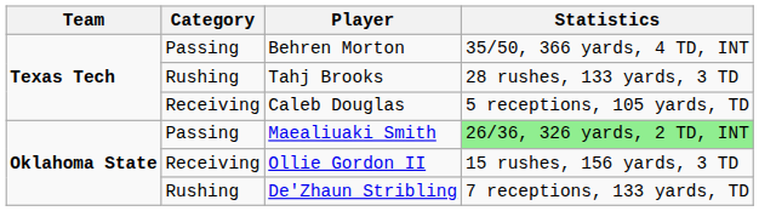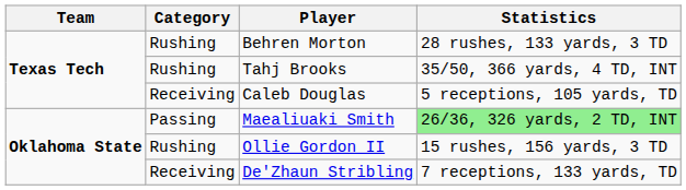 <table class="wikitable" style="float: right;">
 <tr>
 <th>Team</th>
 <th>Category</th>
 <th>Player</th>
 <th>Statistics</th>
 </tr>
 <tr>
 <td rowspan=3><strong>Texas Tech</strong></td>
-<td>Passing</td>
+<td>Rushing</td>
 <td>Behren Morton</td>
-<td>35/50, 366 yards, 4 TD, INT</td>
+<td>28 rushes, 133 yards, 3 TD</td>
 </tr>
 <tr>
 <td>Rushing</td>
 <td>Tahj Brooks</td>
-<td>28 rushes, 133 yards, 3 TD</td>
+<td>35/50, 366 yards, 4 TD, INT</td>
 </tr>
 <tr>
 <td>Receiving</td>
 <td>Caleb Douglas</td>
 <td>5 receptions, 105 yards, TD</td>
 </tr>
 <tr>
 <td rowspan=3><strong>Oklahoma State</strong></td>
 <td>Passing</td>
 <td><a href='#'>Maealiuaki Smith</a></td>
 <td style="background: lightgreen;">26/36, 326 yards, 2 TD, INT</td>
 </tr>
 <tr>
-<td>Receiving</td>
+<td>Rushing</td>
 <td><a href='#'>Ollie Gordon II</a></td>
 <td>15 rushes, 156 yards, 3 TD</td>
 </tr>
 <tr>
-<td>Rushing</td>
+<td>Receiving</td>
 <td><a href='#'>De'Zhaun Stribling</a></td>
 <td>7 receptions, 133 yards, TD</td>
 </tr>
 </table>
